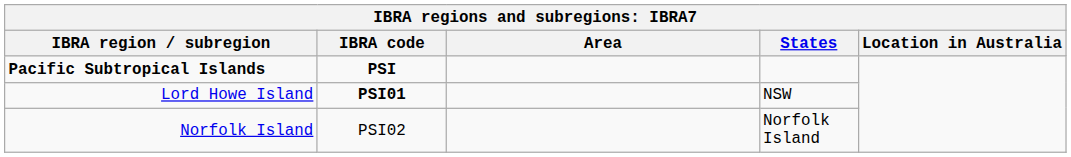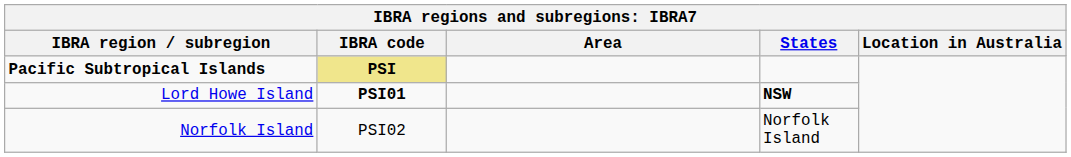 <table class="wikitable sortable">
 <tr>
 <th rowwidth=100px colspan=5>IBRA regions and subregions: IBRA7</th>
 </tr>
 <tr>
 <th scope="col" width="250px">IBRA region / subregion</th>
 <th scope="col" width="100px">IBRA code</th>
 <th scope="col" width="250px">Area</th>
 <th scope="col" width="75px"><a href='#'>States</a></th>
 <th>Location in Australia</th>
 </tr>
 <tr>
 <td><strong>Pacific Subtropical Islands</strong></td>
-<td align="center"><strong>PSI</strong></td>
+<td align="center" style="background: khaki;"><strong>PSI</strong></td>
 <td align="right"><strong></strong></td>
 <td></td>
 <td align="center" rowspan=3></td>
 </tr>
 <tr>
 <td align="right"><a href='#'>Lord Howe Island</a></td>
 <td align="center"><strong>PSI01</strong></td>
 <td align="right"></td>
-<td>NSW</td>
+<td><strong>NSW</strong></td>
 </tr>
 <tr>
 <td align="right"><a href='#'>Norfolk Island</a></td>
 <td align="center">PSI02</td>
 <td align="right"></td>
 <td>Norfolk Island</td>
 </tr>
 </table>
